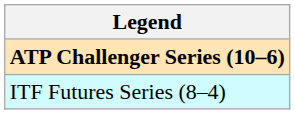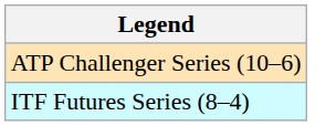 <table class="wikitable">
 <tr>
 <th>Legend</th>
 </tr>
 <tr bgcolor="moccasin">
-<td><strong>ATP Challenger Series (10–6)</strong></td>
+<td>ATP Challenger Series (10–6)</td>
 </tr>
 <tr bgcolor="CFFCFF">
 <td>ITF Futures Series (8–4)</td>
 </tr>
 </table>
